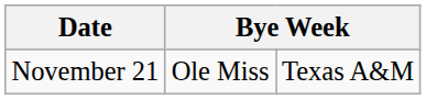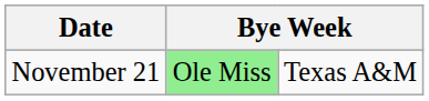 <table class="wikitable" style="font-size:95%;">
 <tr>
 <th>Date</th>
 <th colspan="2">Bye Week</th>
 </tr>
 <tr>
 <td>November 21</td>
-<td>Ole Miss</td>
+<td style="background: lightgreen;">Ole Miss</td>
 <td>Texas A&M</td>
 </tr>
 </table>
